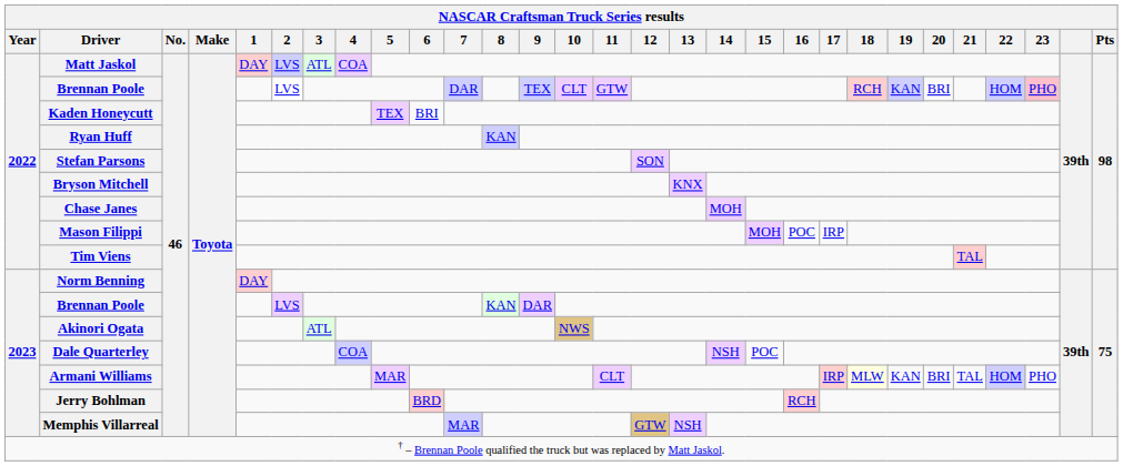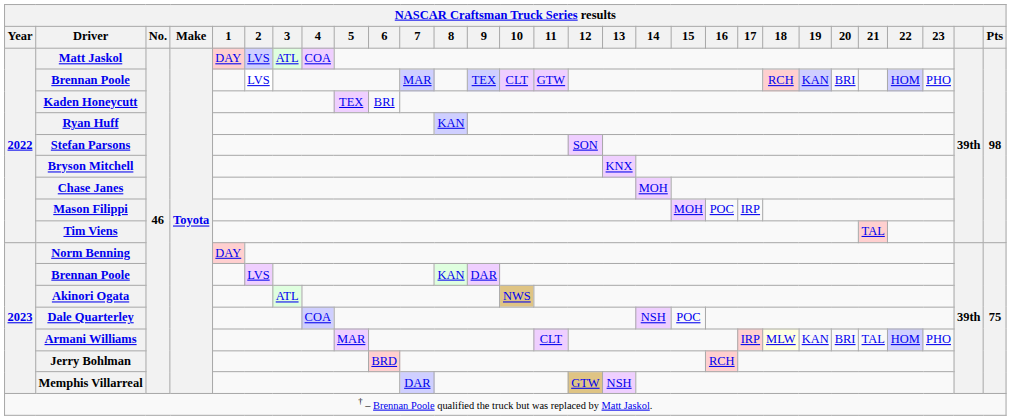 <table class="wikitable" style="text-align:center; font-size:75%">
 <tr>
 <th colspan=30><a href='#'>NASCAR Craftsman Truck Series</a> results</th>
 </tr>
 <tr>
 <th>Year</th>
 <th>Driver</th>
 <th>No.</th>
 <th>Make</th>
 <th>1</th>
 <th>2</th>
 <th>3</th>
 <th>4</th>
 <th>5</th>
 <th>6</th>
 <th>7</th>
 <th>8</th>
 <th>9</th>
 <th>10</th>
 <th>11</th>
 <th>12</th>
 <th>13</th>
 <th>14</th>
 <th>15</th>
 <th>16</th>
 <th>17</th>
 <th>18</th>
 <th>19</th>
 <th>20</th>
 <th>21</th>
 <th>22</th>
 <th>23</th>
 <th></th>
 <th>Pts</th>
 </tr>
 <tr>
 <th rowspan=9><a href='#'>2022</a></th>
 <th><a href='#'>Matt Jaskol</a></th>
 <th rowspan=16>46</th>
 <th rowspan=16><a href='#'>Toyota</a></th>
 <td style="background:#FFCFCF;"><a href='#'>DAY</a><br></td>
 <td style="background:#CFCFFF;"><a href='#'>LVS</a><br></td>
 <td style="background:#DFFFDF;"><a href='#'>ATL</a><br></td>
 <td style="background:#EFCFFF;"><a href='#'>COA</a><br></td>
 <td colspan=19></td>
 <th rowspan=9>39th</th>
 <th rowspan=9>98</th>
 </tr>
 <tr>
 <th><a href='#'>Brennan Poole</a></th>
 <td colspan=1></td>
 <td style="background:#FFFFFF;"><a href='#'>LVS</a><br></td>
 <td colspan=4></td>
-<td style="background:#CFCFFF;"><a href='#'>DAR</a><br></td>
+<td style="background:#CFCFFF;"><a href='#'>MAR</a><br></td>
 <td colspan=1></td>
 <td style="background:#CFCFFF;"><a href='#'>TEX</a><br></td>
 <td style="background:#EFCFFF;"><a href='#'>CLT</a><br></td>
 <td style="background:#EFCFFF;"><a href='#'>GTW</a><br></td>
 <td colspan=6></td>
 <td style="background:#FFCFCF;"><a href='#'>RCH</a><br></td>
 <td style="background:#CFCFFF;"><a href='#'>KAN</a><br></td>
 <td><a href='#'>BRI</a></td>
 <td></td>
 <td style="background:#CFCFFF;"><a href='#'>HOM</a><br></td>
-<td style="background: pink;"><a href='#'>PHO</a></td>
+<td><a href='#'>PHO</a></td>
 </tr>
 <tr>
 <th><a href='#'>Kaden Honeycutt</a></th>
 <td colspan=4></td>
 <td style="background:#EFCFFF;"><a href='#'>TEX</a><br></td>
 <td><a href='#'>BRI</a></td>
 <td colspan=17></td>
 </tr>
 <tr>
 <th><a href='#'>Ryan Huff</a></th>
 <td colspan=7></td>
 <td style="background:#CFCFFF;"><a href='#'>KAN</a><br></td>
 <td colspan=15></td>
 </tr>
 <tr>
 <th><a href='#'>Stefan Parsons</a></th>
 <td colspan=11></td>
 <td style="background:#EFCFFF;"><a href='#'>SON</a><br></td>
 <td colspan=11></td>
 </tr>
 <tr>
 <th><a href='#'>Bryson Mitchell</a></th>
 <td colspan=12></td>
 <td style="background:#EFCFFF;"><a href='#'>KNX</a><br></td>
 <td colspan=10></td>
 </tr>
 <tr>
 <th><a href='#'>Chase Janes</a></th>
 <td colspan=13></td>
 <td style="background:#EFCFFF;"><a href='#'>MOH</a><br></td>
 <td colspan=9></td>
 </tr>
 <tr>
 <th><a href='#'>Mason Filippi</a></th>
 <td colspan=14></td>
 <td style="background:#EFCFFF;"><a href='#'>MOH</a><br></td>
 <td><a href='#'>POC</a></td>
 <td><a href='#'>IRP</a></td>
 <td colspan=6></td>
 </tr>
 <tr>
 <th><a href='#'>Tim Viens</a></th>
 <td colspan=20></td>
 <td style="background:#FFCFCF;"><a href='#'>TAL</a><br></td>
 <td colspan=2></td>
 </tr>
 <tr>
 <th rowspan=7><a href='#'>2023</a></th>
 <th><a href='#'>Norm Benning</a></th>
 <td style="background:#FFCFCF;"><a href='#'>DAY</a><br></td>
 <td colspan=22></td>
 <th rowspan=7>39th</th>
 <th rowspan=7>75</th>
 </tr>
 <tr>
 <th><a href='#'>Brennan Poole</a></th>
 <td></td>
 <td style="background:#EFCFFF;"><a href='#'>LVS</a><br></td>
 <td colspan=5></td>
 <td style="background:#DFFFDF;"><a href='#'>KAN</a><br></td>
 <td style="background:#EFCFFF;"><a href='#'>DAR</a><br></td>
 <td colspan=14></td>
 </tr>
 <tr>
 <th><a href='#'>Akinori Ogata</a></th>
 <td colspan=2></td>
 <td style="background:#DFFFDF;"><a href='#'>ATL</a><br></td>
 <td colspan=6></td>
 <td style="background:#DFC484;"><a href='#'>NWS</a><br></td>
 <td colspan=13></td>
 </tr>
 <tr>
 <th><a href='#'>Dale Quarterley</a></th>
 <td colspan=3></td>
 <td style="background:#CFCFFF;"><a href='#'>COA</a><br></td>
 <td colspan=9></td>
 <td style="background:#EFCFFF;"><a href='#'>NSH</a><br></td>
 <td><a href='#'>POC</a></td>
 <td colspan=8></td>
 </tr>
 <tr>
 <th><a href='#'>Armani Williams</a></th>
 <td colspan=4></td>
 <td style="background:#EFCFFF;"><a href='#'>MAR</a><br></td>
 <td colspan=5></td>
 <td style="background:#EFCFFF;"><a href='#'>CLT</a><br></td>
 <td colspan=5></td>
 <td style="background:#FFCFCF;"><a href='#'>IRP</a><br></td>
 <td style="background: lightyellow;"><a href='#'>MLW</a></td>
 <td><a href='#'>KAN</a></td>
 <td><a href='#'>BRI</a></td>
 <td><a href='#'>TAL</a></td>
 <td style="background:#CFCFFF;"><a href='#'>HOM</a><br></td>
 <td><a href='#'>PHO</a></td>
 </tr>
 <tr>
 <th>Jerry Bohlman</th>
 <td colspan=5></td>
 <td style="background:#FFCFCF;"><a href='#'>BRD</a><br></td>
 <td colspan=9></td>
 <td style="background:#FFCFCF;"><a href='#'>RCH</a><br></td>
 <td colspan=7></td>
 </tr>
 <tr>
 <th>Memphis Villarreal</th>
 <td colspan=6></td>
-<td style="background:#CFCFFF;"><a href='#'>MAR</a><br></td>
+<td style="background:#CFCFFF;"><a href='#'>DAR</a><br></td>
 <td colspan=4></td>
 <td style="background:#DFC484;"><a href='#'>GTW</a><br></td>
 <td style="background:#EFCFFF;"><a href='#'>NSH</a><br></td>
 <td colspan=10></td>
 </tr>
 <tr>
 <td colspan=30><small><sup>†</sup> – <a href='#'>Brennan Poole</a> qualified the truck but was replaced by <a href='#'>Matt Jaskol</a>.</small></td>
 </tr>
 </table>
